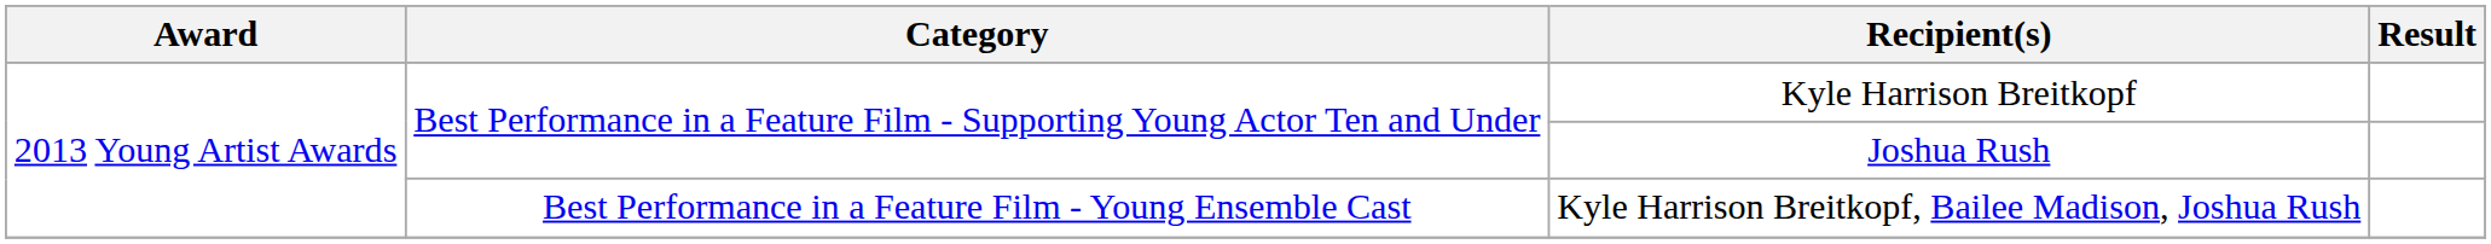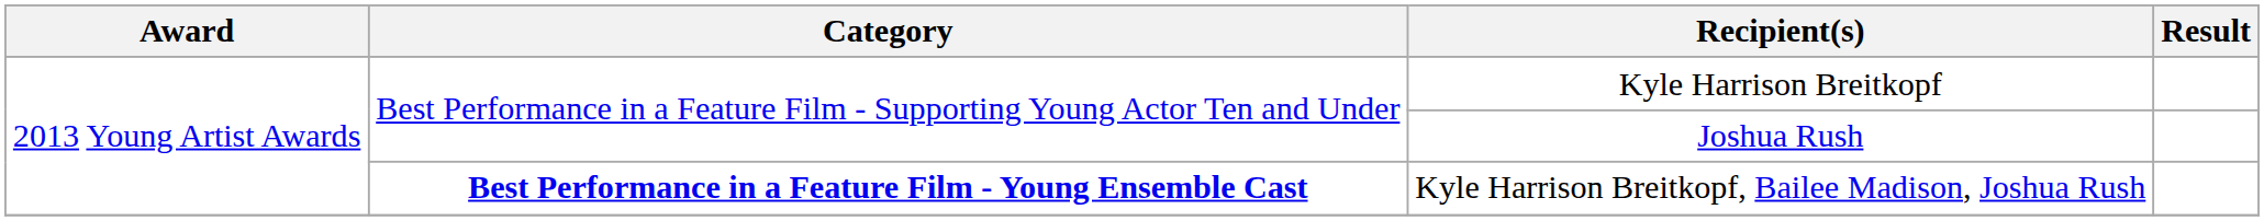 <table class="wikitable" rowspan=5; style="text-align: center; background:#ffffff;">
 <tr>
 <th>Award</th>
 <th>Category</th>
 <th>Recipient(s)</th>
 <th>Result</th>
 </tr>
 <tr>
 <td rowspan=3><a href='#'>2013</a> <a href='#'>Young Artist Awards</a></td>
 <td rowspan=2><a href='#'>Best Performance in a Feature Film - Supporting Young Actor Ten and Under</a></td>
 <td>Kyle Harrison Breitkopf</td>
 <td></td>
 </tr>
 <tr>
 <td><a href='#'>Joshua Rush</a></td>
 <td></td>
 </tr>
 <tr>
-<td><a href='#'>Best Performance in a Feature Film - Young Ensemble Cast</a></td>
+<td><strong><a href='#'>Best Performance in a Feature Film - Young Ensemble Cast</a></strong></td>
 <td>Kyle Harrison Breitkopf, <a href='#'>Bailee Madison</a>, <a href='#'>Joshua Rush</a></td>
 <td></td>
 </tr>
 <tr>
 </tr>
 </table>
